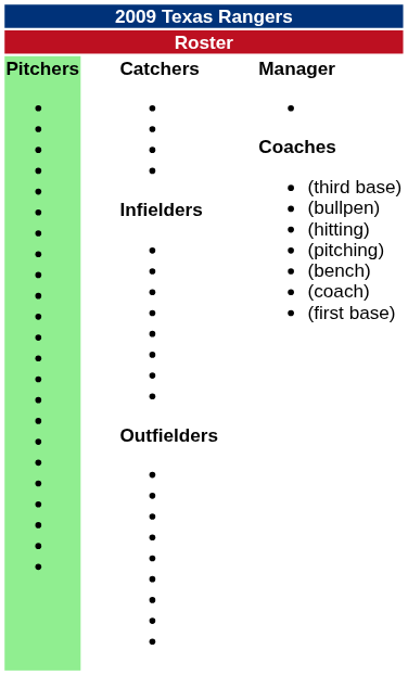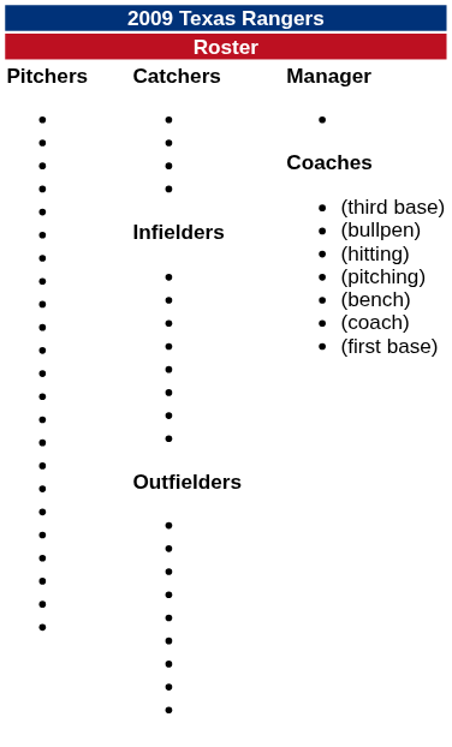 <table class="toccolours" style="font-size: 95%;">
 <tr>
 <th colspan="10" style="background:#003279; color:#fff; text-align:center;">2009 Texas Rangers</th>
 </tr>
 <tr>
 <td colspan="10" style="background:#bd1021; color:white; text-align:center;"><strong>Roster</strong></td>
 </tr>
 <tr>
-<td valign="top" style="background: lightgreen;"><strong>Pitchers</strong><br><ul><li></li><li></li><li></li><li></li><li></li><li></li><li></li><li></li><li></li><li></li><li></li><li></li><li></li><li></li><li></li><li></li><li></li><li></li><li></li><li></li><li></li><li></li><li></li></ul></td>
+<td valign="top"><strong>Pitchers</strong><br><ul><li></li><li></li><li></li><li></li><li></li><li></li><li></li><li></li><li></li><li></li><li></li><li></li><li></li><li></li><li></li><li></li><li></li><li></li><li></li><li></li><li></li><li></li><li></li></ul></td>
 <td style="width:25px;"></td>
 <td valign="top"><strong>Catchers</strong><br><ul><li></li><li></li><li></li><li></li></ul><strong>Infielders</strong><ul><li></li><li></li><li></li><li></li><li></li><li></li><li></li><li></li></ul><strong>Outfielders</strong><ul><li></li><li></li><li></li><li></li><li></li><li></li><li></li><li></li><li></li></ul></td>
 <td style="width:25px;"></td>
 <td valign="top"><strong>Manager</strong><br><ul><li></li></ul><strong>Coaches</strong><ul><li> (third base)</li><li> (bullpen)</li><li> (hitting)</li><li>  (pitching)</li><li> (bench)</li><li> (coach)</li><li> (first base)</li></ul></td>
 </tr>
 </table>
